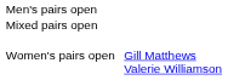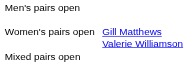 <table>
 <tr>
 <td>Men's pairs open<br></td>
-<td></td>
-<td></td>
-<td></td>
-</tr>
-<tr>
-<td>Mixed pairs open<br></td>
 <td></td>
 <td></td>
 <td></td>
 </tr>
 <tr>
 <td>Women's pairs open<br></td>
 <td></td>
 <td></td>
 <td><br><a href='#'>Gill Matthews</a><br><a href='#'>Valerie Williamson</a></td>
 </tr>
+<tr>
+<td>Mixed pairs open<br></td>
+<td></td>
+<td></td>
+<td></td>
+</tr>
 </table>
